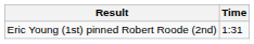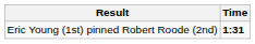 <table class="wikitable sortable">
 <tr>
 <th>Result</th>
 <th>Time</th>
 </tr>
 <tr>
 <td>Eric Young (1st) pinned Robert Roode (2nd)</td>
-<td>1:31</td>
+<td><strong>1:31</strong></td>
 </tr>
 </table>
